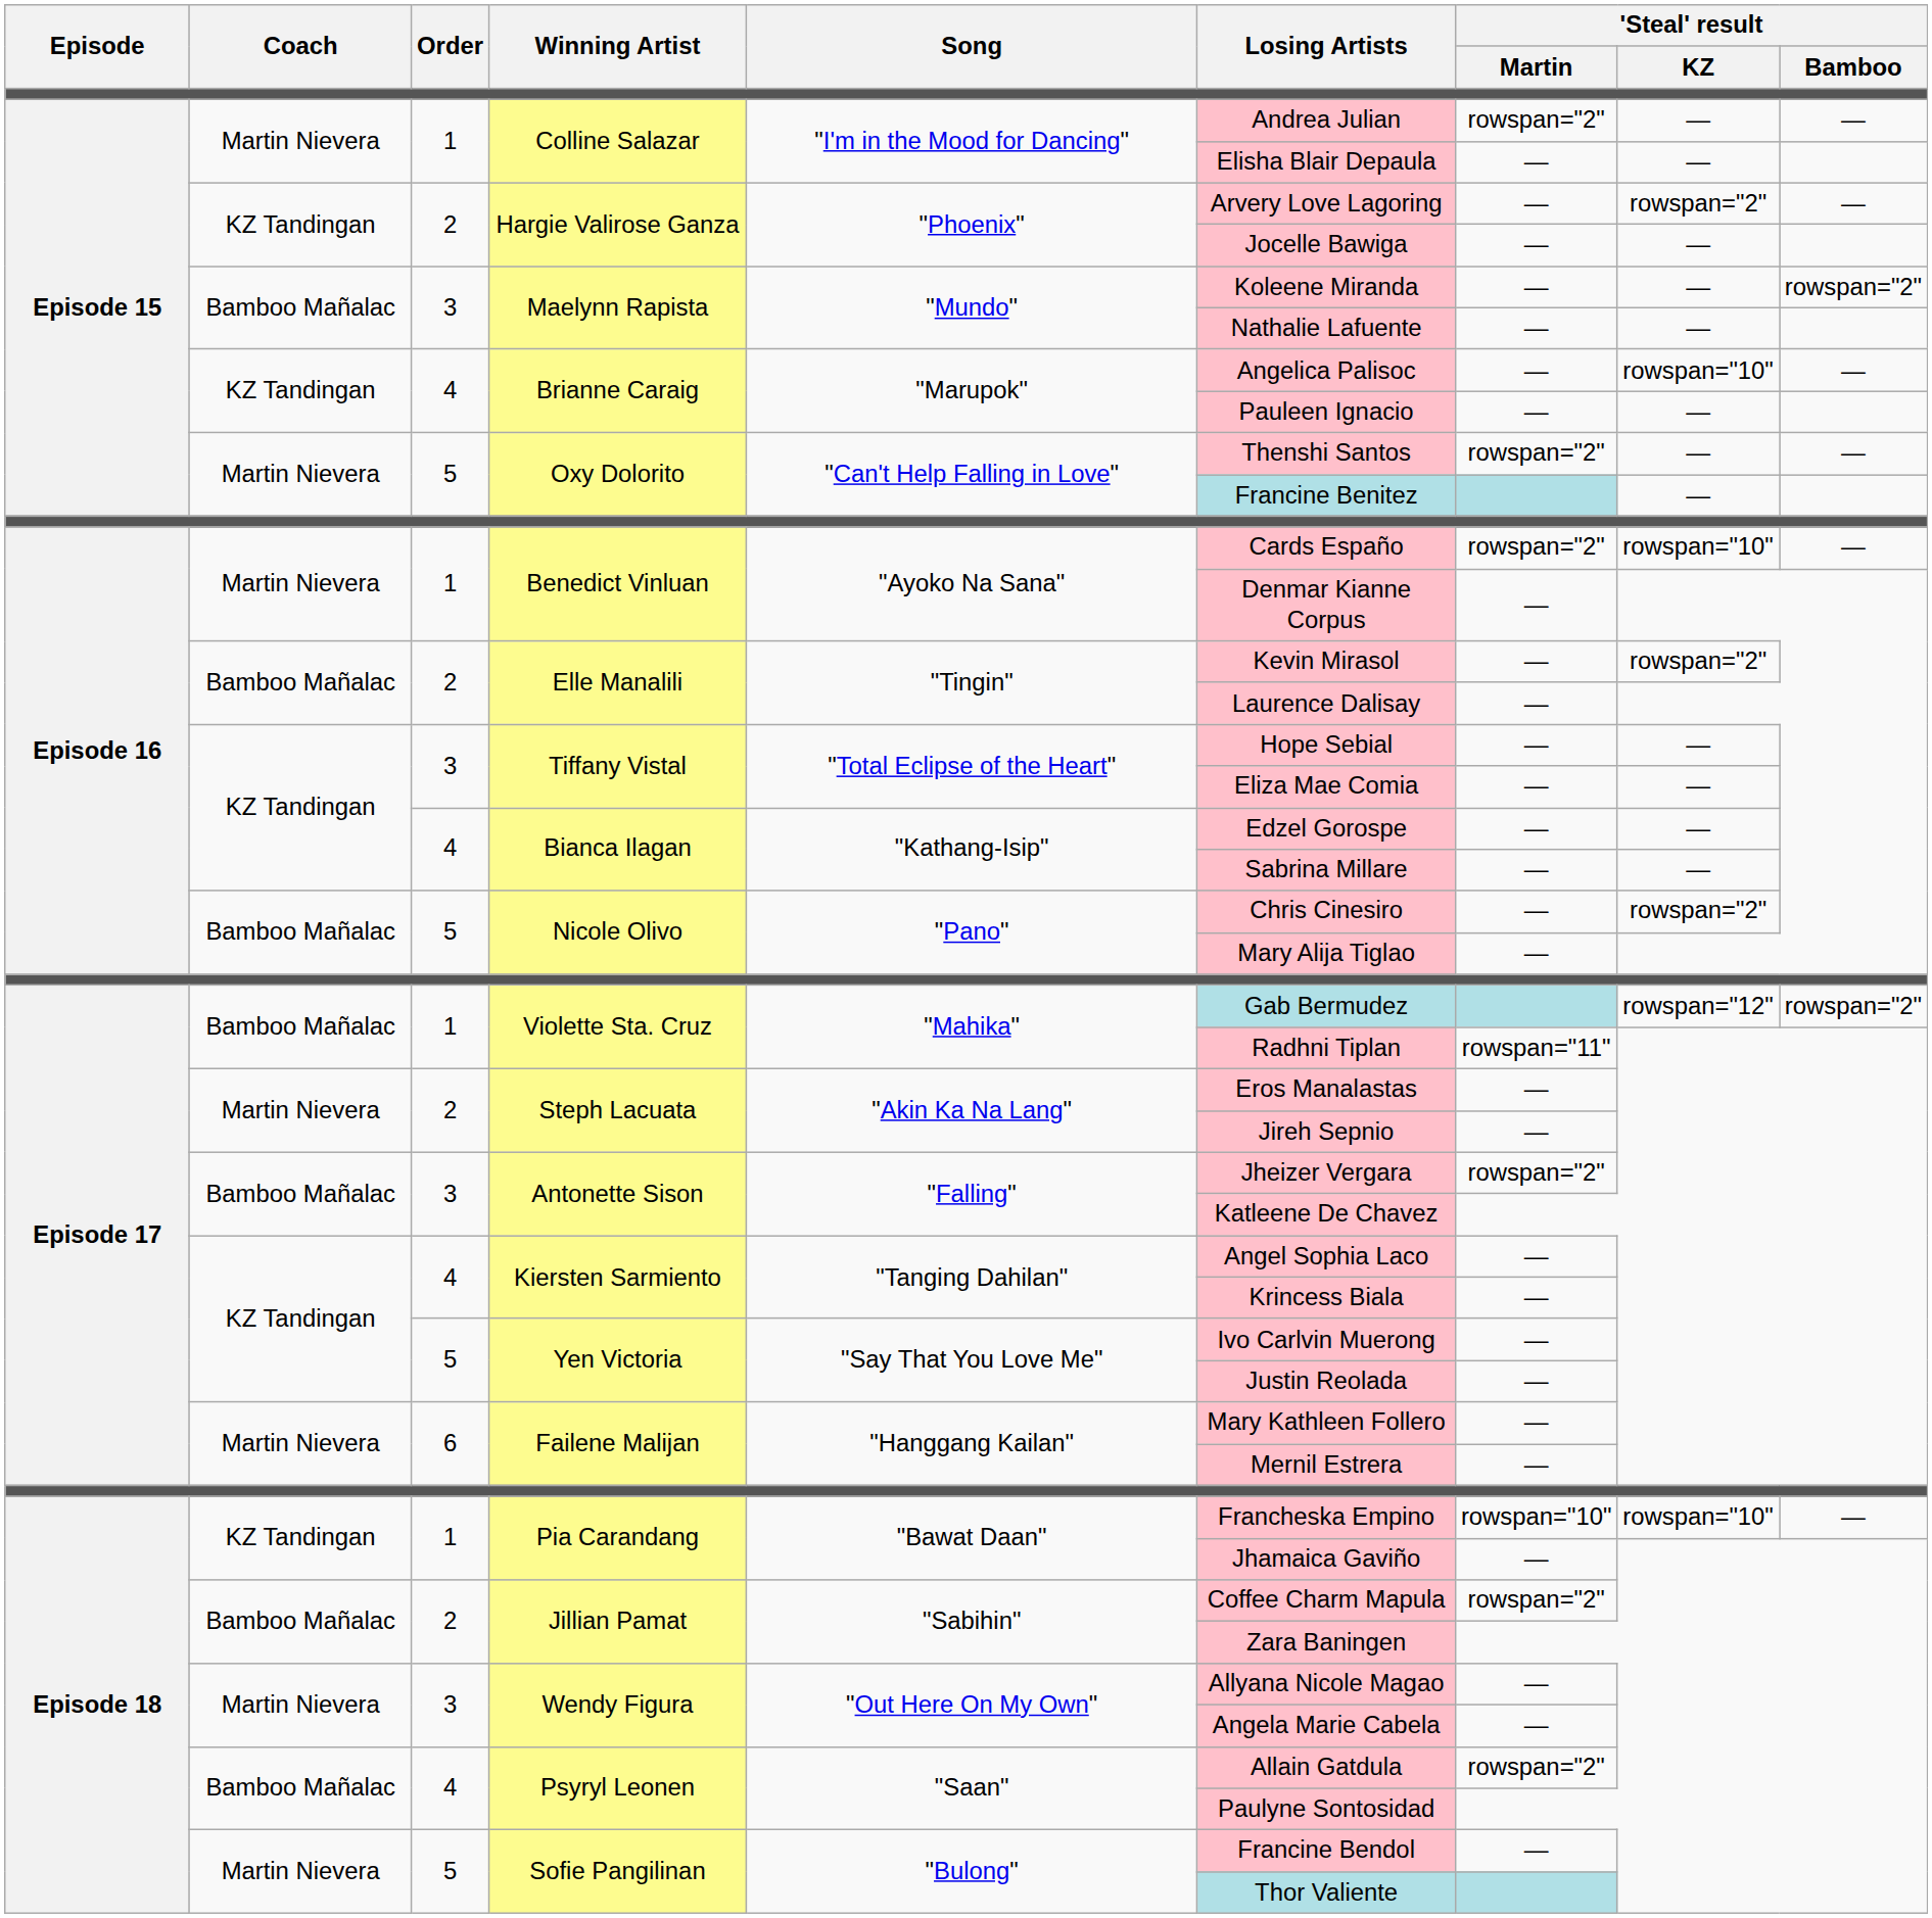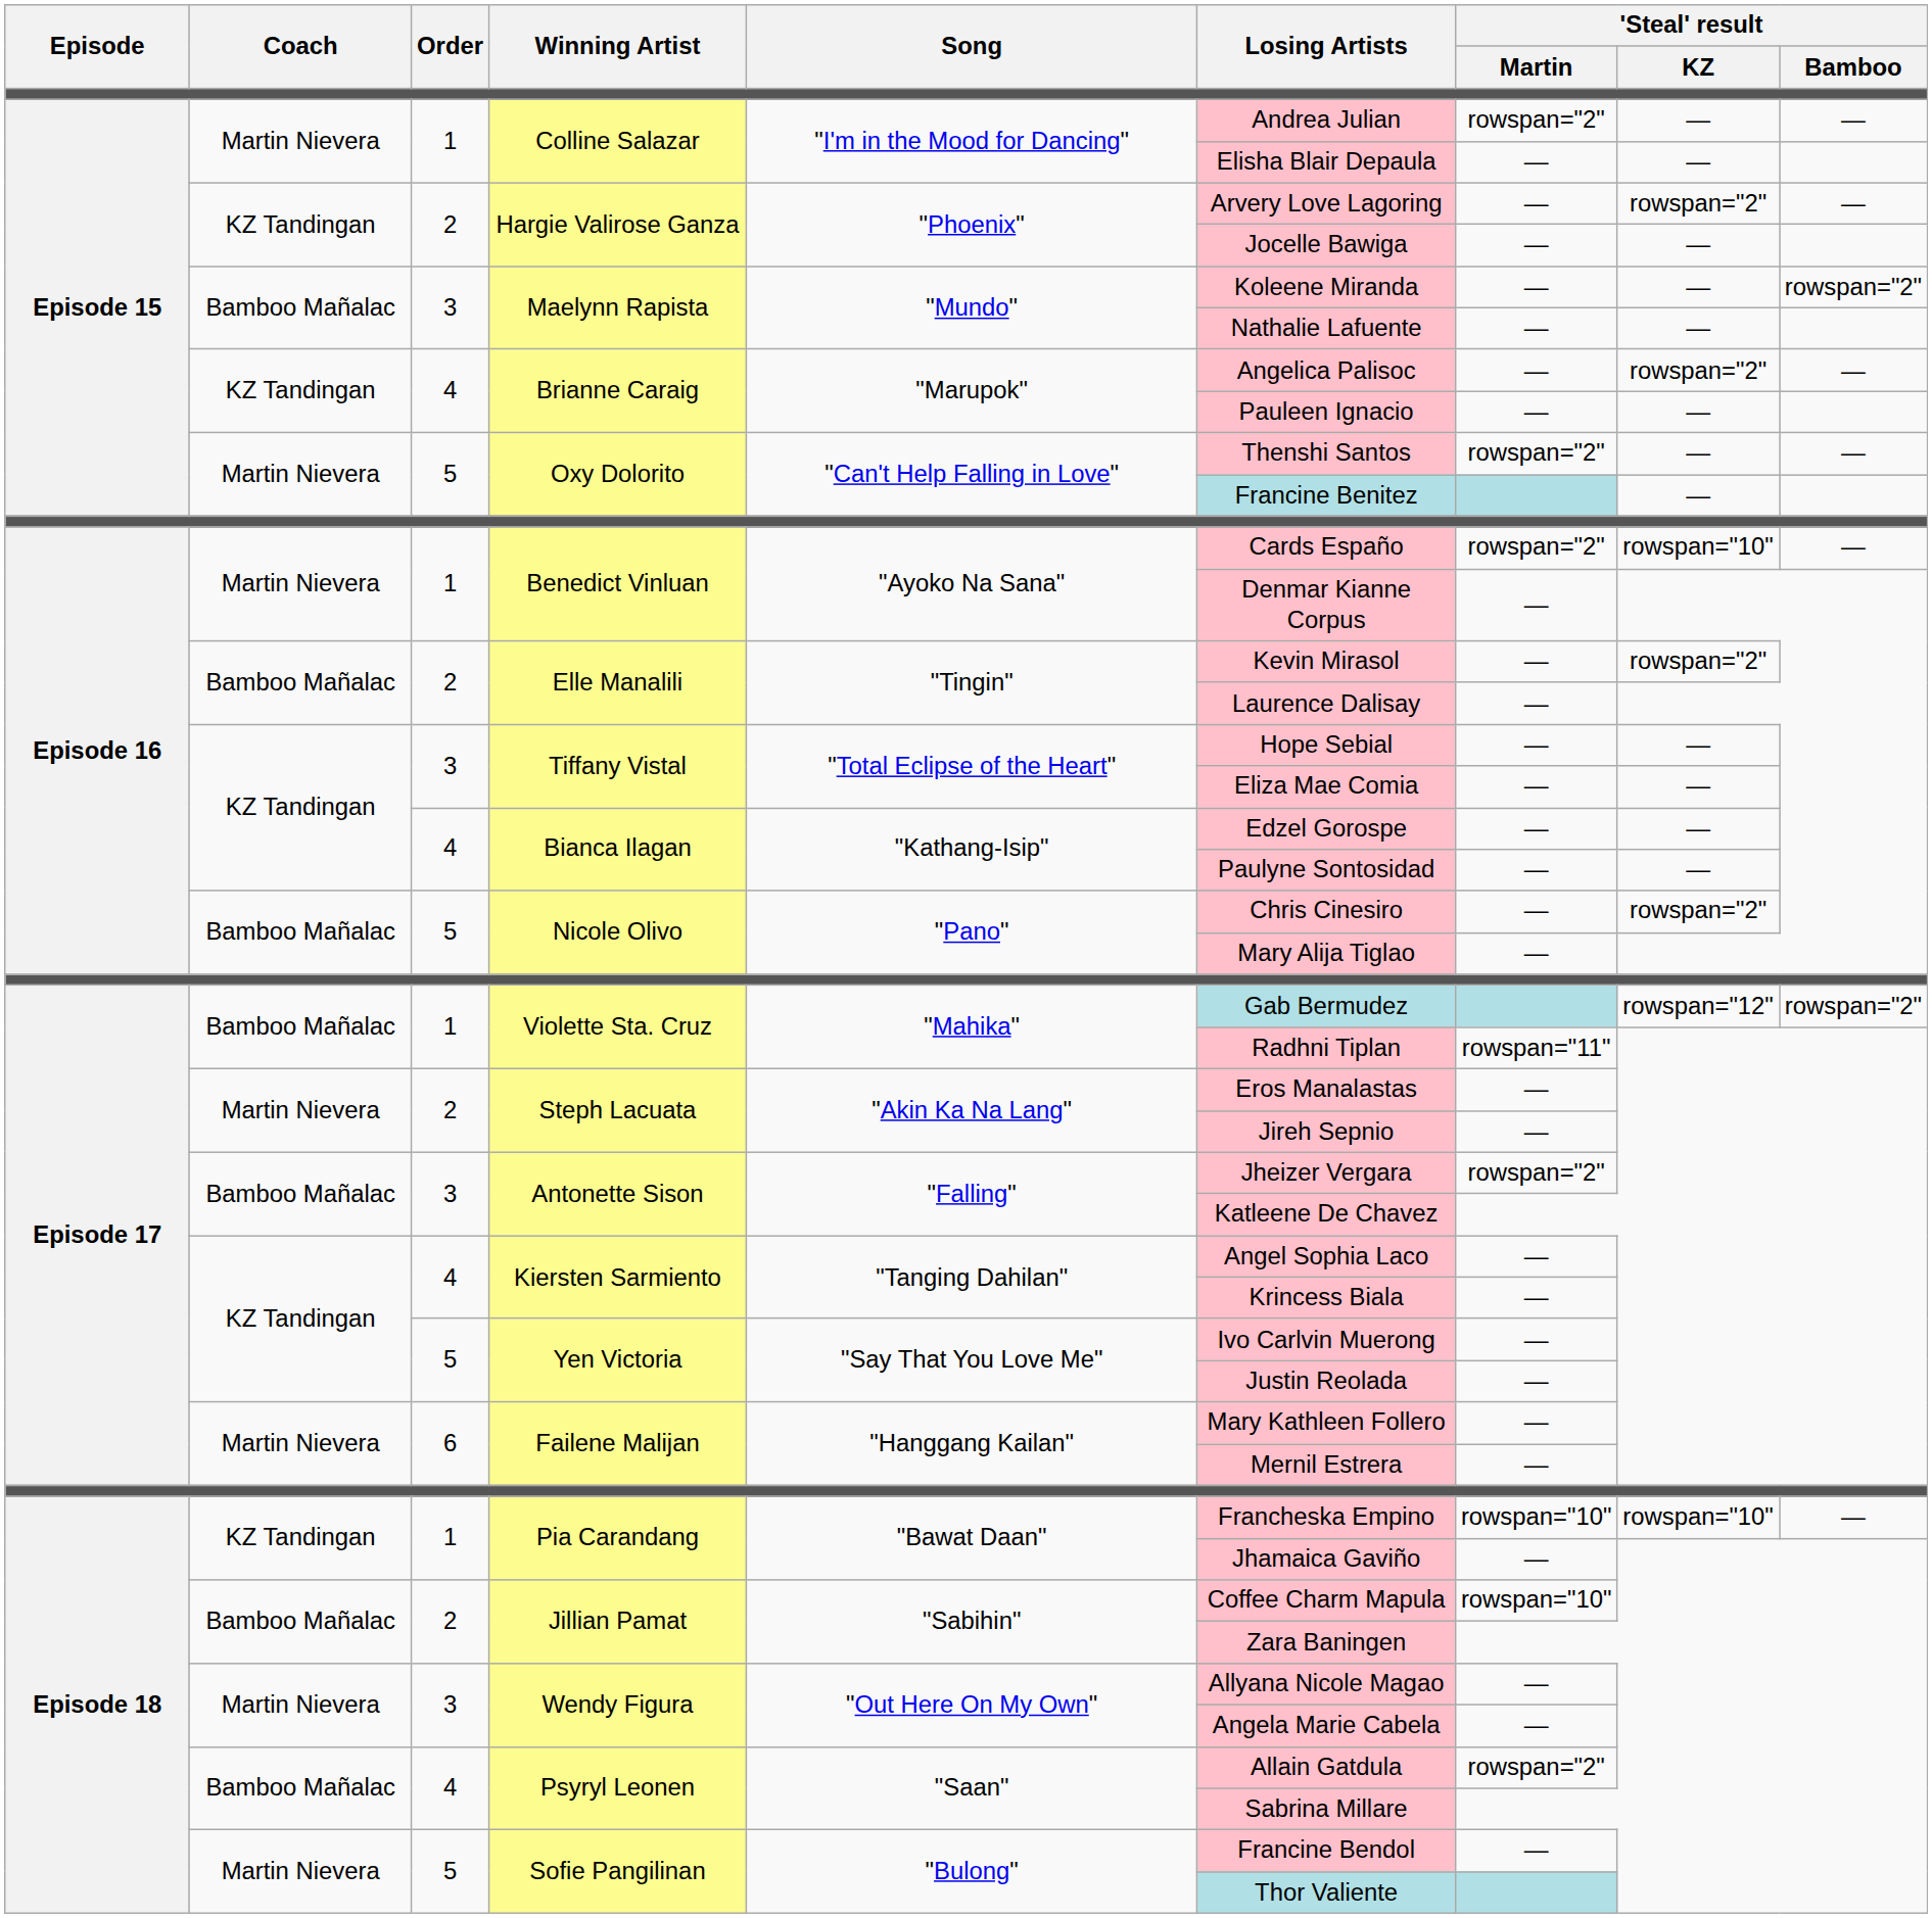 <table class="wikitable" style="text-align: center; line-height:20px;width:100%;">
 <tr>
 <th rowspan="2" style="width:10%;">Episode</th>
 <th rowspan="2" style="width:12%;">Coach</th>
 <th rowspan="2" style="width:04%;">Order</th>
 <th rowspan="2" style="width:14%;">Winning Artist</th>
 <th rowspan="2" style="width:25%;">Song</th>
 <th rowspan="2" style="width:14%;">Losing Artists</th>
 <th colspan="3" style="width:21%;">'Steal' result</th>
 </tr>
 <tr>
 <th style="width:07%;">Martin</th>
 <th style="width:07%;">KZ</th>
 <th style="width:07%;">Bamboo</th>
 </tr>
 <tr>
 <td colspan="9" style="background:#555;"></td>
 </tr>
 <tr>
 <th rowspan="10">Episode 15<br><small></small></th>
 <td rowspan="2">Martin Nievera</td>
 <td rowspan="2">1</td>
 <td rowspan="2" style="background:#fdfc8f;">Colline Salazar</td>
 <td rowspan="2">"<a href='#'>I'm in the Mood for Dancing</a>"</td>
 <td style="background:pink;">Andrea Julian</td>
 <td>rowspan="2" </td>
 <td>—</td>
 <td>—</td>
 </tr>
 <tr>
 <td style="background:pink;">Elisha Blair Depaula</td>
 <td>—</td>
 <td>—</td>
 </tr>
 <tr>
 <td rowspan="2">KZ Tandingan</td>
 <td rowspan="2">2</td>
 <td rowspan="2" style="background:#fdfc8f;">Hargie Valirose Ganza</td>
 <td rowspan="2">"<a href='#'>Phoenix</a>"</td>
 <td style="background:pink;">Arvery Love Lagoring</td>
 <td>—</td>
 <td>rowspan="2" </td>
 <td>—</td>
 </tr>
 <tr>
 <td style="background:pink;">Jocelle Bawiga</td>
 <td>—</td>
 <td>—</td>
 </tr>
 <tr>
 <td rowspan="2">Bamboo Mañalac</td>
 <td rowspan="2">3</td>
 <td rowspan="2" style="background:#fdfc8f;">Maelynn Rapista</td>
 <td rowspan="2">"<a href='#'>Mundo</a>"</td>
 <td style="background:pink;">Koleene Miranda</td>
 <td>—</td>
 <td>—</td>
 <td>rowspan="2" </td>
 </tr>
 <tr>
 <td style="background:pink;">Nathalie Lafuente</td>
 <td>—</td>
 <td>—</td>
 </tr>
 <tr>
 <td rowspan="2">KZ Tandingan</td>
 <td rowspan="2">4</td>
 <td rowspan="2" style="background:#fdfc8f;">Brianne Caraig</td>
 <td rowspan="2">"Marupok"</td>
 <td style="background:pink;">Angelica Palisoc</td>
 <td>—</td>
-<td>rowspan="10" </td>
+<td>rowspan="2" </td>
 <td>—</td>
 </tr>
 <tr>
 <td style="background:pink;">Pauleen Ignacio</td>
 <td>—</td>
 <td>—</td>
 </tr>
 <tr>
 <td rowspan="2">Martin Nievera</td>
 <td rowspan="2">5</td>
 <td rowspan="2" style="background:#fdfc8f;">Oxy Dolorito</td>
 <td rowspan="2">"<a href='#'>Can't Help Falling in Love</a>"</td>
 <td style="background:pink;">Thenshi Santos</td>
 <td>rowspan="2" </td>
 <td>—</td>
 <td>—</td>
 </tr>
 <tr>
 <td style="background:#b0e0e6;">Francine Benitez</td>
 <td style="background:#b0e0e6;"><strong></strong></td>
 <td>—</td>
 </tr>
 <tr>
 <td colspan="9" style="background:#555;"></td>
 </tr>
 <tr>
 <th rowspan="10">Episode 16<br><small></small></th>
 <td rowspan="2">Martin Nievera</td>
 <td rowspan="2">1</td>
 <td rowspan="2" style="background:#fdfc8f;">Benedict Vinluan</td>
 <td rowspan="2">"Ayoko Na Sana"</td>
 <td style="background:pink;">Cards Españo</td>
 <td>rowspan="2" </td>
 <td>rowspan="10" </td>
 <td>—</td>
 </tr>
 <tr>
 <td style="background:pink;">Denmar Kianne Corpus</td>
 <td>—</td>
 </tr>
 <tr>
 <td rowspan="2">Bamboo Mañalac</td>
 <td rowspan="2">2</td>
 <td rowspan="2" style="background:#fdfc8f;">Elle Manalili</td>
 <td rowspan="2">"Tingin"</td>
 <td style="background:pink;">Kevin Mirasol</td>
 <td>—</td>
 <td>rowspan="2" </td>
 </tr>
 <tr>
 <td style="background:pink;">Laurence Dalisay</td>
 <td>—</td>
 </tr>
 <tr>
 <td rowspan="4">KZ Tandingan</td>
 <td rowspan="2">3</td>
 <td rowspan="2" style="background:#fdfc8f;">Tiffany Vistal</td>
 <td rowspan="2">"<a href='#'>Total Eclipse of the Heart</a>"</td>
 <td style="background:pink;">Hope Sebial</td>
 <td>—</td>
 <td>—</td>
 </tr>
 <tr>
 <td style="background:pink;">Eliza Mae Comia</td>
 <td>—</td>
 <td>—</td>
 </tr>
 <tr>
 <td rowspan="2">4</td>
 <td rowspan="2" style="background:#fdfc8f;">Bianca Ilagan</td>
 <td rowspan="2">"Kathang-Isip"</td>
 <td style="background:pink;">Edzel Gorospe</td>
 <td>—</td>
 <td>—</td>
 </tr>
 <tr>
-<td style="background:pink;">Sabrina Millare</td>
+<td style="background:pink;">Paulyne Sontosidad</td>
 <td>—</td>
 <td>—</td>
 </tr>
 <tr>
 <td rowspan="2">Bamboo Mañalac</td>
 <td rowspan="2">5</td>
 <td rowspan="2" style="background:#fdfc8f;">Nicole Olivo</td>
 <td rowspan="2">"<a href='#'>Pano</a>"</td>
 <td style="background:pink;">Chris Cinesiro</td>
 <td>—</td>
 <td>rowspan="2" </td>
 </tr>
 <tr>
 <td style="background:pink;">Mary Alija Tiglao</td>
 <td>—</td>
 </tr>
 <tr>
 <td colspan="9" style="background:#555;"></td>
 </tr>
 <tr>
 <th rowspan="12">Episode 17<br><small></small></th>
 <td rowspan="2">Bamboo Mañalac</td>
 <td rowspan="2">1</td>
 <td rowspan="2" style="background:#fdfc8f;">Violette Sta. Cruz</td>
 <td rowspan="2">"<a href='#'>Mahika</a>"</td>
 <td style="background:#b0e0e6;">Gab Bermudez</td>
 <td style="background:#b0e0e6;"><strong></strong></td>
 <td>rowspan="12" </td>
 <td>rowspan="2" </td>
 </tr>
 <tr>
 <td style="background:pink;">Radhni Tiplan</td>
 <td>rowspan="11" </td>
 </tr>
 <tr>
 <td rowspan="2">Martin Nievera</td>
 <td rowspan="2">2</td>
 <td rowspan="2" style="background:#fdfc8f;">Steph Lacuata</td>
 <td rowspan="2">"<a href='#'>Akin Ka Na Lang</a>"</td>
 <td style="background:pink;">Eros Manalastas</td>
 <td>—</td>
 </tr>
 <tr>
 <td style="background:pink;">Jireh Sepnio</td>
 <td>—</td>
 </tr>
 <tr>
 <td rowspan="2">Bamboo Mañalac</td>
 <td rowspan="2">3</td>
 <td rowspan="2" style="background:#fdfc8f;">Antonette Sison</td>
 <td rowspan="2">"<a href='#'>Falling</a>"</td>
 <td style="background:pink;">Jheizer Vergara</td>
 <td>rowspan="2" </td>
 </tr>
 <tr>
 <td style="background:pink;">Katleene De Chavez</td>
 </tr>
 <tr>
 <td rowspan="4">KZ Tandingan</td>
 <td rowspan="2">4</td>
 <td rowspan="2" style="background:#fdfc8f;">Kiersten Sarmiento</td>
 <td rowspan="2">"Tanging Dahilan"</td>
 <td style="background:pink;">Angel Sophia Laco</td>
 <td>—</td>
 </tr>
 <tr>
 <td style="background:pink;">Krincess Biala</td>
 <td>—</td>
 </tr>
 <tr>
 <td rowspan="2">5</td>
 <td rowspan="2" style="background:#fdfc8f;">Yen Victoria</td>
 <td rowspan="2">"Say That You Love Me"</td>
 <td style="background:pink;">Ivo Carlvin Muerong</td>
 <td>—</td>
 </tr>
 <tr>
 <td style="background:pink;">Justin Reolada</td>
 <td>—</td>
 </tr>
 <tr>
 <td rowspan="2">Martin Nievera</td>
 <td rowspan="2">6</td>
 <td rowspan="2" style="background:#fdfc8f;">Failene Malijan</td>
 <td rowspan="2">"Hanggang Kailan"</td>
 <td style="background:pink;">Mary Kathleen Follero</td>
 <td>—</td>
 </tr>
 <tr>
 <td style="background:pink;">Mernil Estrera</td>
 <td>—</td>
 </tr>
 <tr>
 <td colspan="9" style="background:#555;"></td>
 </tr>
 <tr>
 <th rowspan="10">Episode 18<br><small></small></th>
 <td rowspan="2">KZ Tandingan</td>
 <td rowspan="2">1</td>
 <td rowspan="2" style="background:#fdfc8f;">Pia Carandang</td>
 <td rowspan="2">"Bawat Daan"</td>
 <td style="background:pink;">Francheska Empino</td>
 <td>rowspan="10" </td>
 <td>rowspan="10" </td>
 <td>—</td>
 </tr>
 <tr>
 <td style="background:pink;">Jhamaica Gaviño</td>
 <td>—</td>
 </tr>
 <tr>
 <td rowspan="2">Bamboo Mañalac</td>
 <td rowspan="2">2</td>
 <td rowspan="2" style="background:#fdfc8f;">Jillian Pamat</td>
 <td rowspan="2">"Sabihin"</td>
 <td style="background:pink;">Coffee Charm Mapula</td>
-<td>rowspan="2" </td>
+<td>rowspan="10" </td>
 </tr>
 <tr>
 <td style="background:pink;">Zara Baningen</td>
 </tr>
 <tr>
 <td rowspan="2">Martin Nievera</td>
 <td rowspan="2">3</td>
 <td rowspan="2" style="background:#fdfc8f;">Wendy Figura</td>
 <td rowspan="2">"<a href='#'>Out Here On My Own</a>"</td>
 <td style="background:pink;">Allyana Nicole Magao</td>
 <td>—</td>
 </tr>
 <tr>
 <td style="background:pink;">Angela Marie Cabela</td>
 <td>—</td>
 </tr>
 <tr>
 <td rowspan="2">Bamboo Mañalac</td>
 <td rowspan="2">4</td>
 <td rowspan="2" style="background:#fdfc8f;">Psyryl Leonen</td>
 <td rowspan="2">"Saan"</td>
 <td style="background:pink;">Allain Gatdula</td>
 <td>rowspan="2" </td>
 </tr>
 <tr>
-<td style="background:pink;">Paulyne Sontosidad</td>
+<td style="background:pink;">Sabrina Millare</td>
 </tr>
 <tr>
 <td rowspan="2">Martin Nievera</td>
 <td rowspan="2">5</td>
 <td rowspan="2" style="background:#fdfc8f;">Sofie Pangilinan</td>
 <td rowspan="2">"<a href='#'>Bulong</a>"</td>
 <td style="background:pink;">Francine Bendol</td>
 <td>—</td>
 </tr>
 <tr>
 <td style="background:#b0e0e6;">Thor Valiente</td>
 <td style="background:#b0e0e6;"><strong></strong></td>
 </tr>
 </table>
